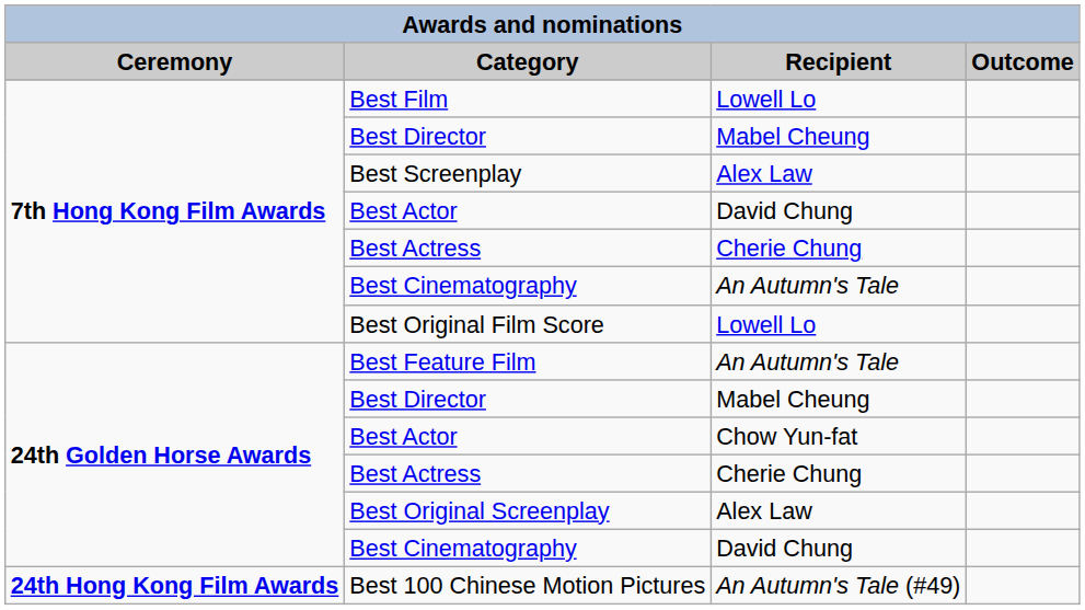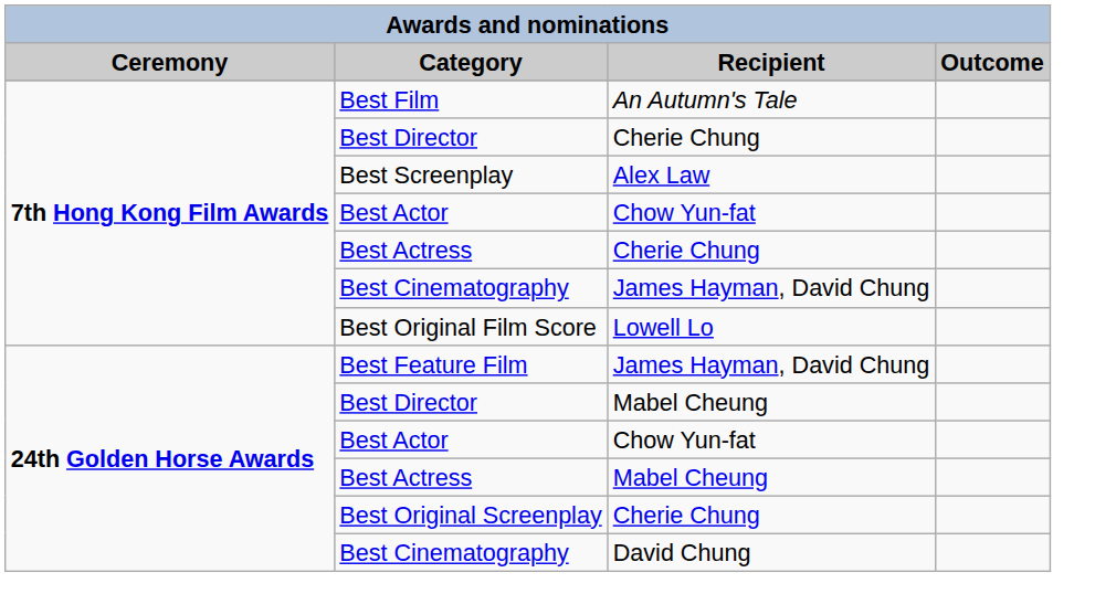 <table class="wikitable" style="font-size:95%;" ;>
 <tr style="background:#ccc; text-align:center;">
 <th colspan="4" style="background: LightSteelBlue;">Awards and nominations</th>
 </tr>
 <tr style="background:#ccc; text-align:center;">
 <th style="background:#ccc">Ceremony</th>
 <th style="background:#ccc">Category</th>
 <th style="background:#ccc">Recipient</th>
 <th style="background:#ccc">Outcome</th>
 </tr>
 <tr>
 <td rowspan=7><strong>7th <a href='#'>Hong Kong Film Awards</a></strong></td>
 <td><a href='#'>Best Film</a></td>
-<td><a href='#'>Lowell Lo</a></td>
+<td><em>An Autumn's Tale</em></td>
 <td></td>
 </tr>
 <tr>
 <td><a href='#'>Best Director</a></td>
-<td><a href='#'>Mabel Cheung</a></td>
+<td>Cherie Chung</td>
 <td></td>
 </tr>
 <tr>
 <td>Best Screenplay</td>
 <td><a href='#'>Alex Law</a></td>
 <td></td>
 </tr>
 <tr>
 <td><a href='#'>Best Actor</a></td>
-<td>David Chung</td>
+<td><a href='#'>Chow Yun-fat</a></td>
 <td></td>
 </tr>
 <tr>
 <td><a href='#'>Best Actress</a></td>
 <td><a href='#'>Cherie Chung</a></td>
 <td></td>
 </tr>
 <tr>
 <td><a href='#'>Best Cinematography</a></td>
-<td><em>An Autumn's Tale</em></td>
+<td><a href='#'>James Hayman</a>, David Chung</td>
 <td></td>
 </tr>
 <tr>
 <td>Best Original Film Score</td>
 <td><a href='#'>Lowell Lo</a></td>
 <td></td>
 </tr>
 <tr>
 <td rowspan=6><strong>24th <a href='#'>Golden Horse Awards</a></strong></td>
 <td><a href='#'>Best Feature Film</a></td>
-<td><em>An Autumn's Tale</em></td>
+<td><a href='#'>James Hayman</a>, David Chung</td>
 <td></td>
 </tr>
 <tr>
 <td><a href='#'>Best Director</a></td>
 <td>Mabel Cheung</td>
 <td></td>
 </tr>
 <tr>
 <td><a href='#'>Best Actor</a></td>
 <td>Chow Yun-fat</td>
 <td></td>
 </tr>
 <tr>
 <td><a href='#'>Best Actress</a></td>
-<td>Cherie Chung</td>
+<td><a href='#'>Mabel Cheung</a></td>
 <td></td>
 </tr>
 <tr>
 <td><a href='#'>Best Original Screenplay</a></td>
-<td>Alex Law</td>
+<td><a href='#'>Cherie Chung</a></td>
 <td></td>
 </tr>
 <tr>
 <td><a href='#'>Best Cinematography</a></td>
 <td>David Chung</td>
 <td></td>
 </tr>
-<tr>
-<td><strong><a href='#'>24th Hong Kong Film Awards</a></strong></td>
-<td>Best 100 Chinese Motion Pictures</td>
-<td><em>An Autumn's Tale</em> (#49)</td>
-<td></td>
-</tr>
 </table>
